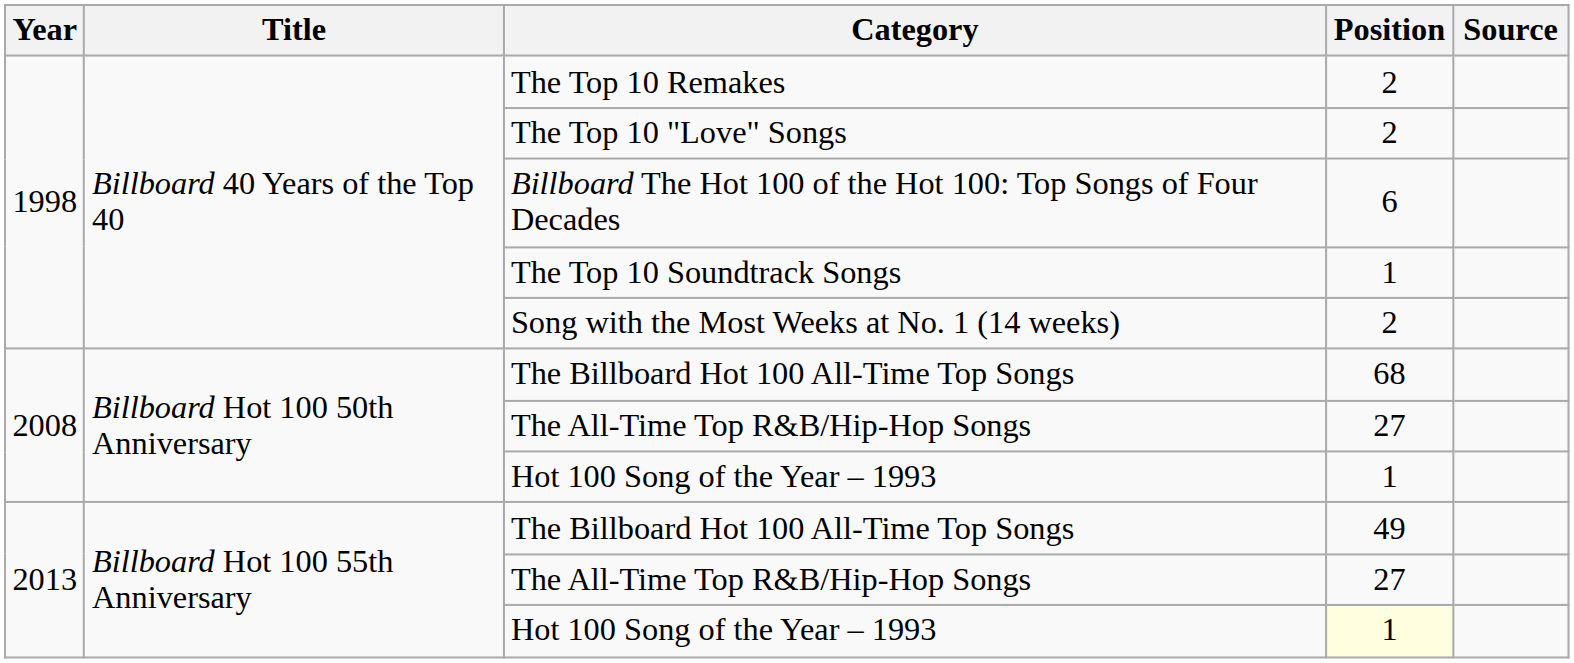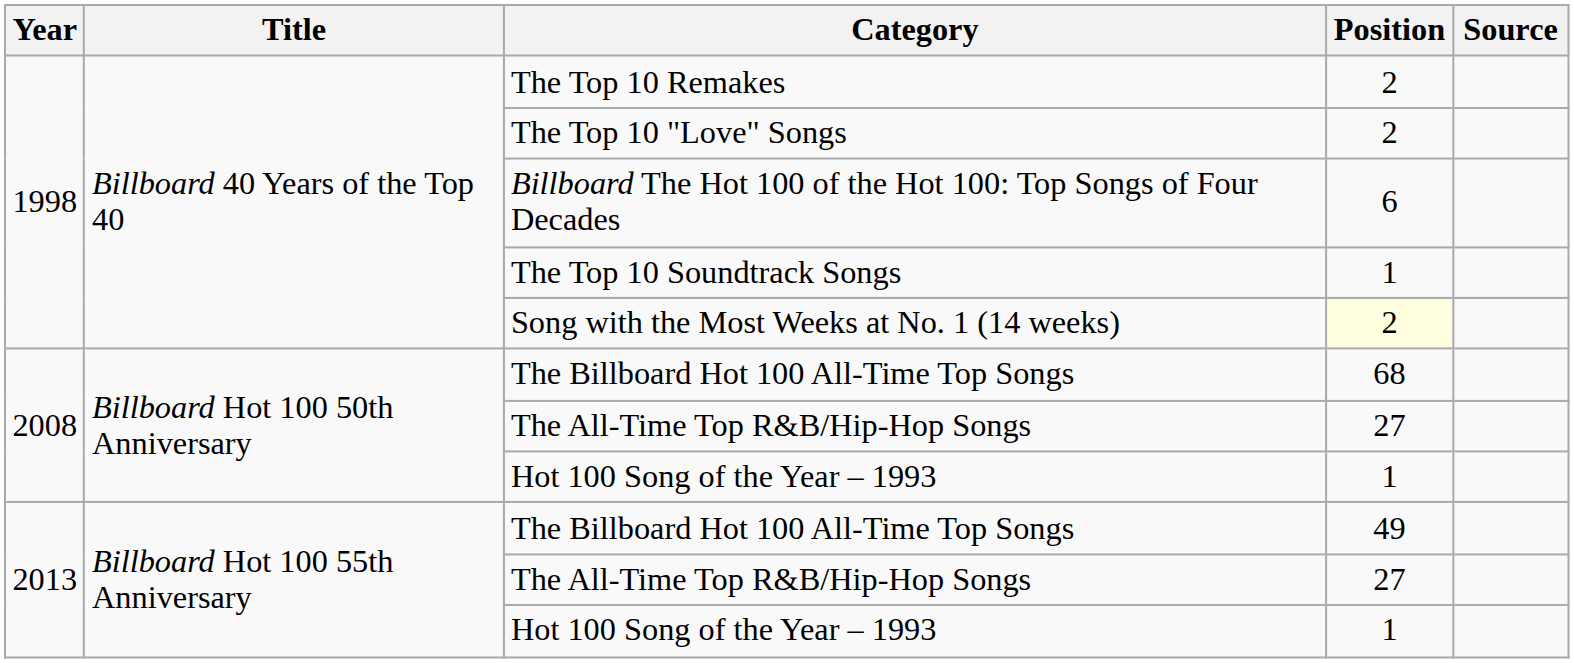 <table class="wikitable">
 <tr>
 <th>Year</th>
 <th style="width:200px;">Title</th>
 <th style="width:400px;">Category</th>
 <th width="50">Position</th>
 <th style="width:50px;">Source</th>
 </tr>
 <tr>
 <td rowspan="5">1998</td>
 <td rowspan="5"><em>Billboard</em> 40 Years of the Top 40</td>
 <td>The Top 10 Remakes</td>
 <td style="text-align:center;">2</td>
 <td style="text-align:center;"></td>
 </tr>
 <tr>
 <td>The Top 10 "Love" Songs</td>
 <td style="text-align:center;">2</td>
 <td style="text-align:center;"></td>
 </tr>
 <tr>
 <td><em>Billboard</em> The Hot 100 of the Hot 100: Top Songs of Four Decades</td>
 <td style="text-align:center;">6</td>
 <td style="text-align:center;"></td>
 </tr>
 <tr>
 <td>The Top 10 Soundtrack Songs</td>
 <td style="text-align:center;">1</td>
 <td style="text-align:center;"></td>
 </tr>
 <tr>
 <td>Song with the Most Weeks at No. 1 (14 weeks)</td>
-<td style="text-align:center;">2</td>
+<td style="background: lightyellow; text-align:center;">2</td>
 <td style="text-align:center;"></td>
 </tr>
 <tr>
 <td rowspan="3">2008</td>
 <td rowspan="3"><em>Billboard</em> Hot 100 50th Anniversary</td>
 <td>The Billboard Hot 100 All-Time Top Songs</td>
 <td style="text-align:center;">68</td>
 <td style="text-align:center;"></td>
 </tr>
 <tr>
 <td>The All-Time Top R&B/Hip-Hop Songs</td>
 <td style="text-align:center;">27</td>
 <td style="text-align:center;"></td>
 </tr>
 <tr>
 <td>Hot 100 Song of the Year – 1993</td>
 <td style="text-align:center;">1</td>
 <td style="text-align:center;"></td>
 </tr>
 <tr>
 <td rowspan="3">2013</td>
 <td rowspan="3"><em>Billboard</em> Hot 100 55th Anniversary</td>
 <td>The Billboard Hot 100 All-Time Top Songs</td>
 <td style="text-align:center;">49</td>
 <td style="text-align:center;"></td>
 </tr>
 <tr>
 <td>The All-Time Top R&B/Hip-Hop Songs</td>
 <td style="text-align:center;">27</td>
 <td style="text-align:center;"></td>
 </tr>
 <tr>
 <td>Hot 100 Song of the Year – 1993</td>
-<td style="background: lightyellow; text-align:center;">1</td>
+<td style="text-align:center;">1</td>
 <td style="text-align:center;"></td>
 </tr>
 </table>
